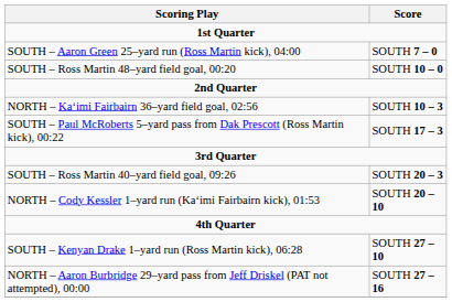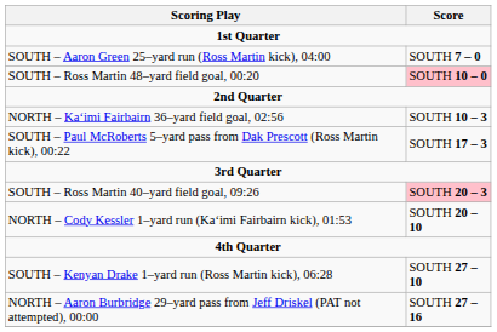 <table class="wikitable">
 <tr>
 <th>Scoring Play</th>
 <th>Score</th>
 </tr>
 <tr>
 <td colspan="4" align="center"><strong>1st Quarter</strong></td>
 </tr>
 <tr>
 <td>SOUTH – <a href='#'>Aaron Green</a> 25–yard run (<a href='#'>Ross Martin</a> kick), 04:00</td>
 <td>SOUTH <strong>7 – 0</strong></td>
 </tr>
 <tr>
 <td>SOUTH – Ross Martin 48–yard field goal, 00:20</td>
-<td>SOUTH <strong>10 – 0</strong></td>
+<td style="background: pink;">SOUTH <strong>10 – 0</strong></td>
 </tr>
 <tr>
 <td colspan="4" align="center"><strong>2nd Quarter</strong></td>
 </tr>
 <tr>
 <td>NORTH – <a href='#'>Kaʻimi Fairbairn</a> 36–yard field goal, 02:56</td>
 <td>SOUTH <strong>10 – 3</strong></td>
 </tr>
 <tr>
 <td>SOUTH – <a href='#'>Paul McRoberts</a> 5–yard pass from <a href='#'>Dak Prescott</a> (Ross Martin kick), 00:22</td>
 <td>SOUTH <strong>17 – 3</strong></td>
 </tr>
 <tr>
 <td colspan="4" align="center"><strong>3rd Quarter</strong></td>
 </tr>
 <tr>
 <td>SOUTH – Ross Martin 40–yard field goal, 09:26</td>
-<td>SOUTH <strong>20 – 3</strong></td>
+<td style="background: pink;">SOUTH <strong>20 – 3</strong></td>
 </tr>
 <tr>
 <td>NORTH – <a href='#'>Cody Kessler</a> 1–yard run (Kaʻimi Fairbairn kick), 01:53</td>
 <td>SOUTH <strong>20 – 10</strong></td>
 </tr>
 <tr>
 <td colspan="4" align="center"><strong>4th Quarter</strong></td>
 </tr>
 <tr>
 <td>SOUTH – <a href='#'>Kenyan Drake</a> 1–yard run (Ross Martin kick), 06:28</td>
 <td>SOUTH <strong>27 – 10</strong></td>
 </tr>
 <tr>
 <td>NORTH – <a href='#'>Aaron Burbridge</a> 29–yard pass from <a href='#'>Jeff Driskel</a> (PAT not attempted), 00:00</td>
 <td>SOUTH <strong>27 – 16</strong></td>
 </tr>
 <tr>
 </tr>
 </table>
